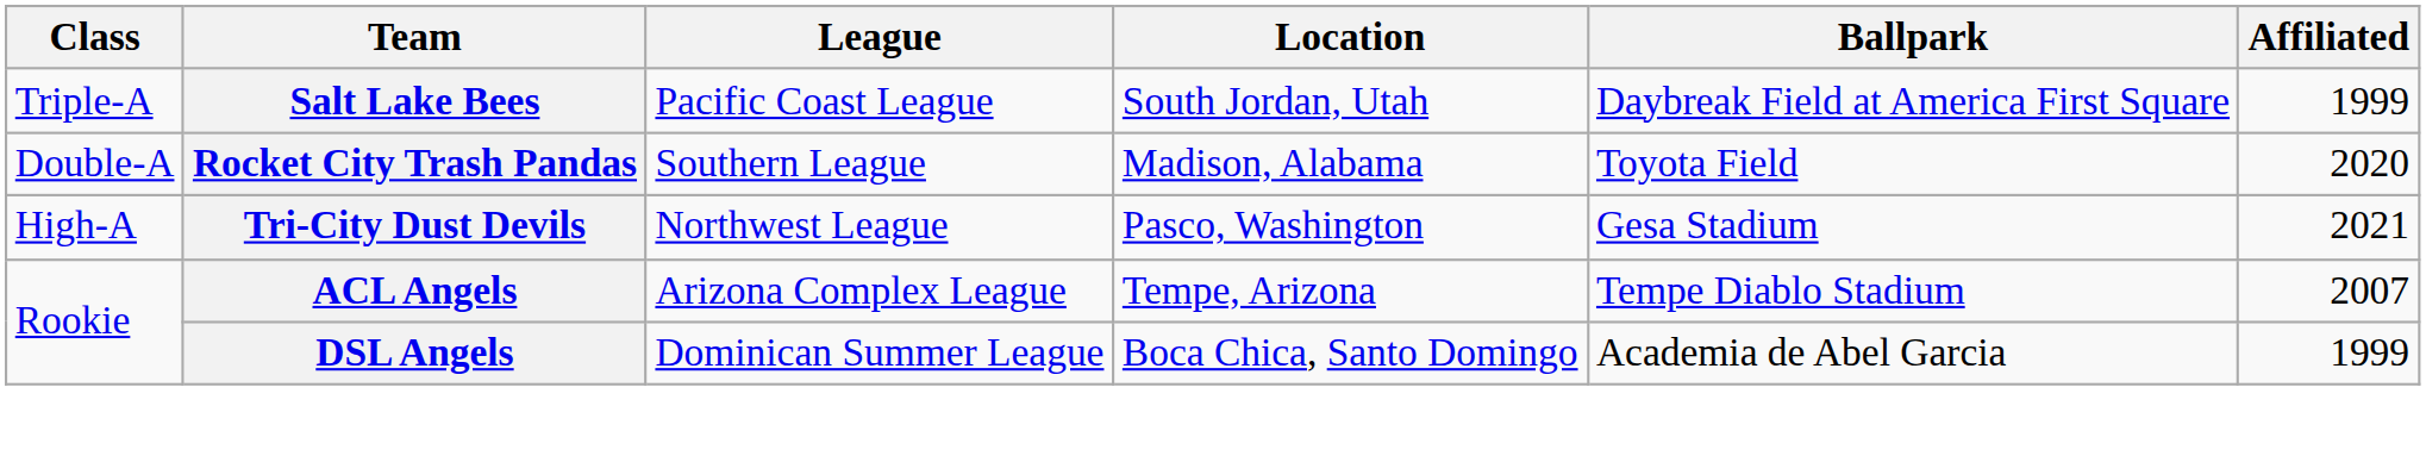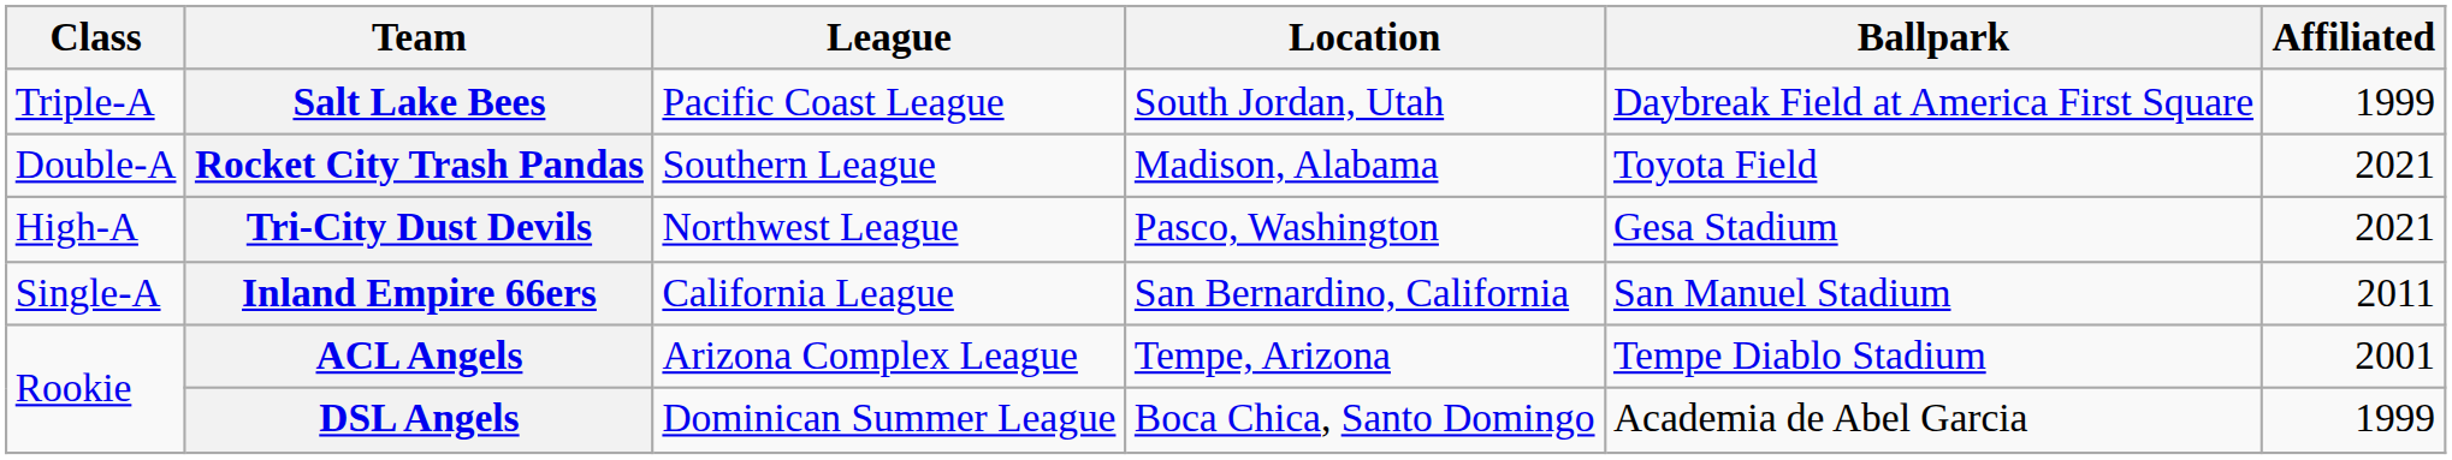 <table class="wikitable plainrowheaders sortable">
 <tr>
 <th scope="col">Class</th>
 <th scope="col">Team</th>
 <th scope="col">League</th>
 <th scope="col">Location</th>
 <th scope="col">Ballpark</th>
 <th scope="col">Affiliated</th>
 </tr>
 <tr>
 <td><a href='#'>Triple-A</a></td>
 <th scope="row"><a href='#'>Salt Lake Bees</a></th>
 <td><a href='#'>Pacific Coast League</a></td>
 <td><a href='#'>South Jordan, Utah</a></td>
 <td><a href='#'>Daybreak Field at America First Square</a></td>
 <td align="right">1999</td>
 </tr>
 <tr>
 <td><a href='#'>Double-A</a></td>
 <th scope="row"><a href='#'>Rocket City Trash Pandas</a></th>
 <td><a href='#'>Southern League</a></td>
 <td><a href='#'>Madison, Alabama</a></td>
 <td><a href='#'>Toyota Field</a></td>
-<td align="right">2020</td>
+<td align="right">2021</td>
 </tr>
 <tr>
 <td><a href='#'>High-A</a></td>
 <th scope="row"><a href='#'>Tri-City Dust Devils</a></th>
 <td><a href='#'>Northwest League</a></td>
 <td><a href='#'>Pasco, Washington</a></td>
 <td><a href='#'>Gesa Stadium</a></td>
 <td align="right">2021</td>
 </tr>
 <tr>
+<td><a href='#'>Single-A</a></td>
+<th scope="row"><a href='#'>Inland Empire 66ers</a></th>
+<td><a href='#'>California League</a></td>
+<td><a href='#'>San Bernardino, California</a></td>
+<td><a href='#'>San Manuel Stadium</a></td>
+<td align="right">2011</td>
+</tr>
+<tr>
 <td rowspan=2><a href='#'>Rookie</a></td>
 <th scope="row"><a href='#'>ACL Angels</a></th>
 <td><a href='#'>Arizona Complex League</a></td>
 <td><a href='#'>Tempe, Arizona</a></td>
 <td><a href='#'>Tempe Diablo Stadium</a></td>
-<td align="right">2007</td>
+<td align="right">2001</td>
 </tr>
 <tr>
 <th scope="row"><a href='#'>DSL Angels</a></th>
 <td><a href='#'>Dominican Summer League</a></td>
 <td><a href='#'>Boca Chica</a>, <a href='#'>Santo Domingo</a></td>
 <td>Academia de Abel Garcia</td>
 <td align="right">1999</td>
 </tr>
 </table>
